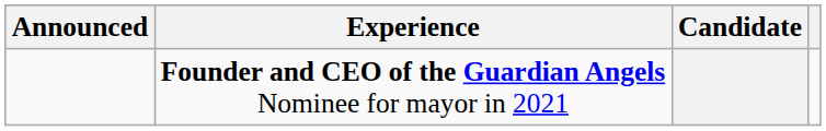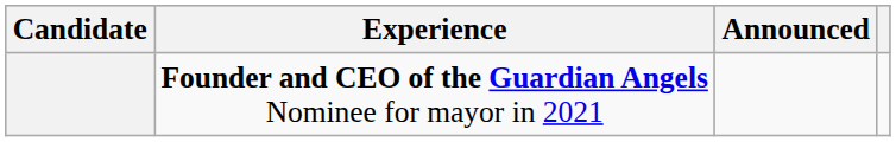 <table class="wikitable sortable" style="text-align:center;">
 <tr>
+<th scope="col">Candidate</th>
+<th scope="col">Experience</th>
 <th scope="col">Announced</th>
-<th scope="col">Experience</th>
-<th scope="col">Candidate</th>
 <th scope="col" class="unsortable"></th>
 </tr>
 <tr>
+<th><br></th>
+<td><strong>Founder and CEO of the <a href='#'>Guardian Angels</a></strong><br>Nominee for mayor in <a href='#'>2021</a></td>
 <td><br><br></td>
-<td><strong>Founder and CEO of the <a href='#'>Guardian Angels</a></strong><br>Nominee for mayor in <a href='#'>2021</a></td>
-<th><br></th>
 <td></td>
 </tr>
 </table>
